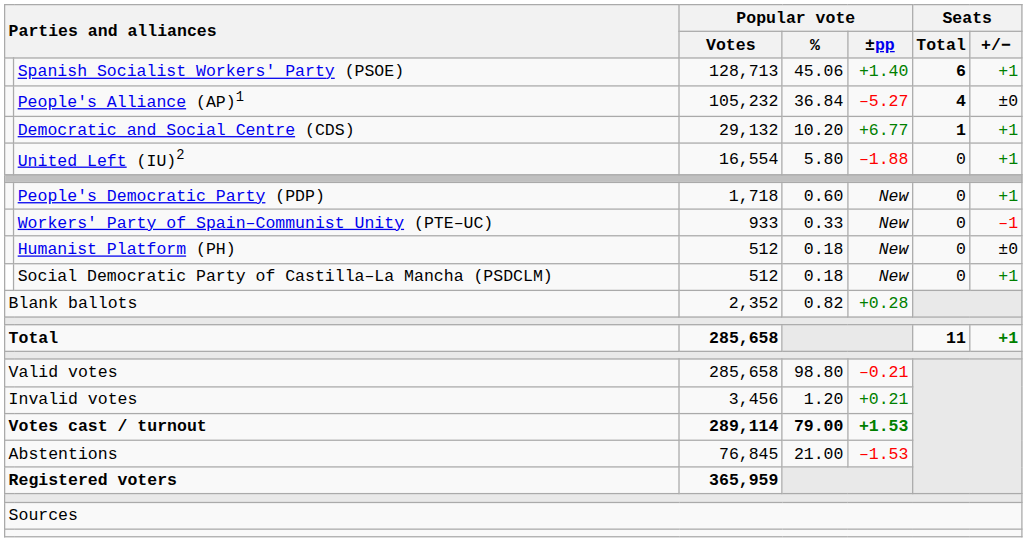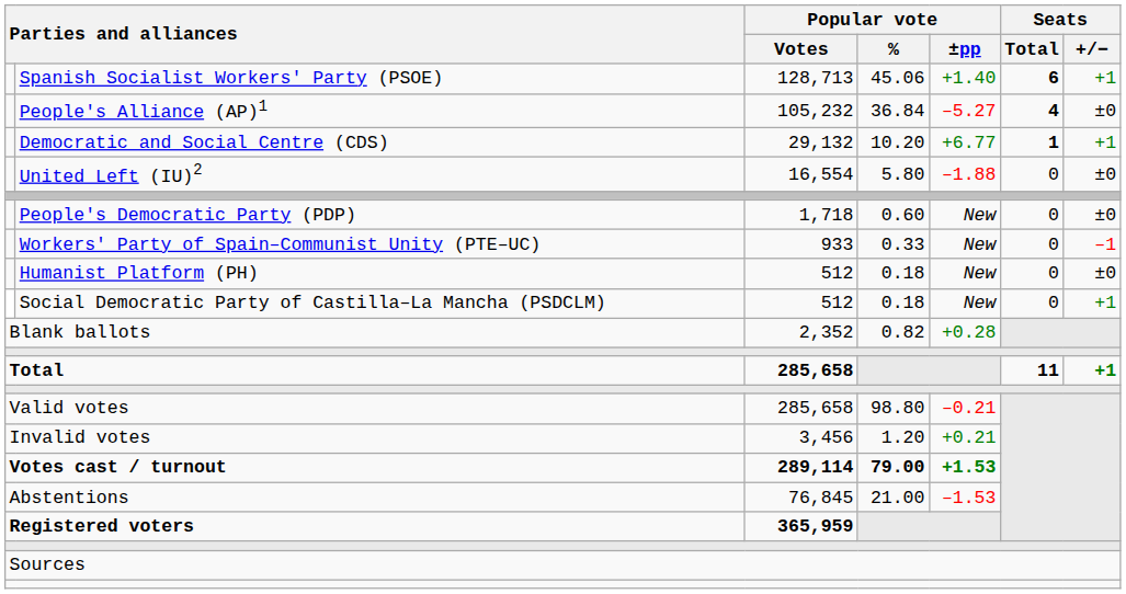 <table class="wikitable" style="text-align:right;">
 <tr>
 <th style="text-align:left;" rowspan="2" colspan="2" width="525">Parties and alliances</th>
 <th colspan="3">Popular vote</th>
 <th colspan="2">Seats</th>
 </tr>
 <tr>
 <th width="75">Votes</th>
 <th width="45">%</th>
 <th width="45">±<a href='#'>pp</a></th>
 <th width="35">Total</th>
 <th width="35">+/−</th>
 </tr>
 <tr>
 <td width="1" style="color:inherit;background:"></td>
 <td align="left"><a href='#'>Spanish Socialist Workers' Party</a> (PSOE)</td>
 <td>128,713</td>
 <td>45.06</td>
 <td style="color:green;">+1.40</td>
 <td><strong>6</strong></td>
 <td style="color:green;">+1</td>
 </tr>
 <tr>
 <td style="color:inherit;background:"></td>
 <td align="left"><a href='#'>People's Alliance</a> (AP)<sup>1</sup></td>
 <td>105,232</td>
 <td>36.84</td>
 <td style="color:red;">–5.27</td>
 <td><strong>4</strong></td>
 <td>±0</td>
 </tr>
 <tr>
 <td style="color:inherit;background:"></td>
 <td align="left"><a href='#'>Democratic and Social Centre</a> (CDS)</td>
 <td>29,132</td>
 <td>10.20</td>
 <td style="color:green;">+6.77</td>
 <td><strong>1</strong></td>
 <td style="color:green;">+1</td>
 </tr>
 <tr>
 <td style="color:inherit;background:"></td>
 <td align="left"><a href='#'>United Left</a> (IU)<sup>2</sup></td>
 <td>16,554</td>
 <td>5.80</td>
 <td style="color:red;">–1.88</td>
 <td>0</td>
-<td style="color:green;">+1</td>
+<td>±0</td>
 </tr>
 <tr>
 <td colspan="7" bgcolor="#C0C0C0"></td>
 </tr>
 <tr>
 <td style="color:inherit;background:"></td>
 <td align="left"><a href='#'>People's Democratic Party</a> (PDP)</td>
 <td>1,718</td>
 <td>0.60</td>
 <td><em>New</em></td>
 <td>0</td>
-<td style="color:green;">+1</td>
+<td>±0</td>
 </tr>
 <tr>
 <td style="color:inherit;background:"></td>
 <td align="left"><a href='#'>Workers' Party of Spain–Communist Unity</a> (PTE–UC)</td>
 <td>933</td>
 <td>0.33</td>
 <td><em>New</em></td>
 <td>0</td>
 <td style="color:red;">–1</td>
 </tr>
 <tr>
 <td style="color:inherit;background:"></td>
 <td align="left"><a href='#'>Humanist Platform</a> (PH)</td>
 <td>512</td>
 <td>0.18</td>
 <td><em>New</em></td>
 <td>0</td>
 <td>±0</td>
 </tr>
 <tr>
 <td bgcolor="white"></td>
 <td align="left">Social Democratic Party of Castilla–La Mancha (PSDCLM)</td>
 <td>512</td>
 <td>0.18</td>
 <td><em>New</em></td>
 <td>0</td>
 <td style="color:green;">+1</td>
 </tr>
 <tr>
 <td align="left" colspan="2">Blank ballots</td>
 <td>2,352</td>
 <td>0.82</td>
 <td style="color:green;">+0.28</td>
 <td bgcolor="#E9E9E9" colspan="2"></td>
 </tr>
 <tr>
 <td colspan="7" bgcolor="#E9E9E9"></td>
 </tr>
 <tr style="font-weight:bold;">
 <td align="left" colspan="2">Total</td>
 <td>285,658</td>
 <td bgcolor="#E9E9E9" colspan="2"></td>
 <td>11</td>
 <td style="color:green;">+1</td>
 </tr>
 <tr>
 <td colspan="7" bgcolor="#E9E9E9"></td>
 </tr>
 <tr>
 <td align="left" colspan="2">Valid votes</td>
 <td>285,658</td>
 <td>98.80</td>
 <td style="color:red;">–0.21</td>
 <td bgcolor="#E9E9E9" colspan="2" rowspan="5"></td>
 </tr>
 <tr>
 <td align="left" colspan="2">Invalid votes</td>
 <td>3,456</td>
 <td>1.20</td>
 <td style="color:green;">+0.21</td>
 </tr>
 <tr style="font-weight:bold;">
 <td align="left" colspan="2">Votes cast / turnout</td>
 <td>289,114</td>
 <td>79.00</td>
 <td style="color:green;">+1.53</td>
 </tr>
 <tr>
 <td align="left" colspan="2">Abstentions</td>
 <td>76,845</td>
 <td>21.00</td>
 <td style="color:red;">–1.53</td>
 </tr>
 <tr style="font-weight:bold;">
 <td align="left" colspan="2">Registered voters</td>
 <td>365,959</td>
 <td bgcolor="#E9E9E9" colspan="2"></td>
 </tr>
 <tr>
 <td colspan="7" bgcolor="#E9E9E9"></td>
 </tr>
 <tr>
 <td align="left" colspan="7">Sources</td>
 </tr>
 <tr>
 <td colspan="7" style="text-align:left; max-width:790px;"></td>
 </tr>
 </table>
